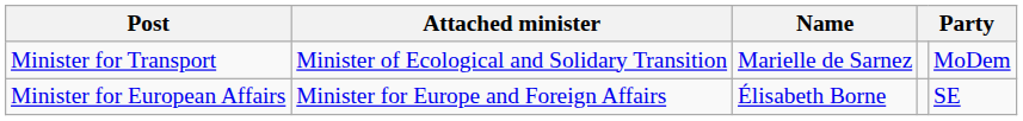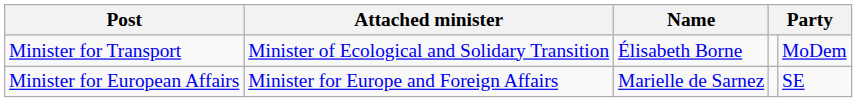 <table class="wikitable">
 <tr>
 <th scope="col">Post</th>
 <th scope="col">Attached minister</th>
 <th scope="col">Name</th>
 <th colspan="2" scope="col">Party</th>
 </tr>
 <tr>
 <td><a href='#'>Minister for Transport</a></td>
 <td><a href='#'>Minister of Ecological and Solidary Transition</a></td>
-<td><a href='#'>Marielle de Sarnez</a></td>
+<td><a href='#'>Élisabeth Borne</a></td>
 <td style="background:"></td>
 <td><a href='#'>MoDem</a></td>
 </tr>
 <tr>
 <td><a href='#'>Minister for European Affairs</a></td>
 <td><a href='#'>Minister for Europe and Foreign Affairs</a></td>
-<td><a href='#'>Élisabeth Borne</a></td>
+<td><a href='#'>Marielle de Sarnez</a></td>
 <td style="background:"></td>
 <td><a href='#'>SE</a></td>
 </tr>
 </table>
